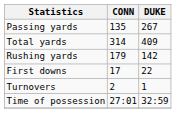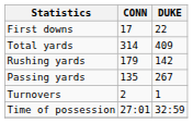 <table class="wikitable" style="float: left;">
 <tr>
 <th>Statistics</th>
 <th>CONN</th>
 <th>DUKE</th>
 </tr>
 <tr>
-<td>Passing yards</td>
-<td>135</td>
-<td>267</td>
+<td>First downs</td>
+<td>17</td>
+<td>22</td>
 </tr>
 <tr>
 <td>Total yards</td>
 <td>314</td>
 <td>409</td>
 </tr>
 <tr>
 <td>Rushing yards</td>
 <td>179</td>
 <td>142</td>
 </tr>
 <tr>
-<td>First downs</td>
-<td>17</td>
-<td>22</td>
+<td>Passing yards</td>
+<td>135</td>
+<td>267</td>
 </tr>
 <tr>
 <td>Turnovers</td>
 <td>2</td>
 <td>1</td>
 </tr>
 <tr>
 <td>Time of possession</td>
 <td>27:01</td>
 <td>32:59</td>
 </tr>
 <tr>
 </tr>
 </table>
